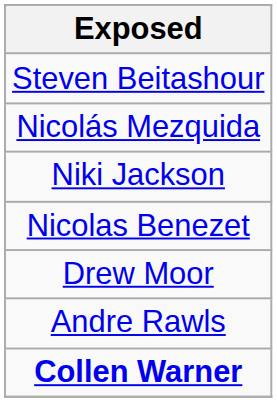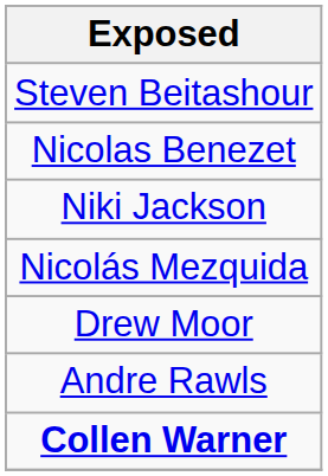 <table class="wikitable" style="text-align:center">
 <tr>
 <th>Exposed</th>
 </tr>
 <tr>
 <td><a href='#'>Steven Beitashour</a></td>
 </tr>
 <tr>
-<td><a href='#'>Nicolás Mezquida</a></td>
+<td><a href='#'>Nicolas Benezet</a></td>
 </tr>
 <tr>
 <td><a href='#'>Niki Jackson</a></td>
 </tr>
 <tr>
-<td><a href='#'>Nicolas Benezet</a></td>
+<td><a href='#'>Nicolás Mezquida</a></td>
 </tr>
 <tr>
 <td><a href='#'>Drew Moor</a></td>
 </tr>
 <tr>
 <td><a href='#'>Andre Rawls</a></td>
 </tr>
 <tr>
 <td><strong><a href='#'>Collen Warner</a></strong></td>
 </tr>
 <tr>
 </tr>
 </table>
